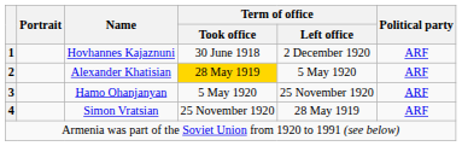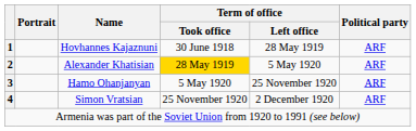 <table class="wikitable" style="text-align:center">
 <tr>
 <th rowspan="2"></th>
 <th rowspan="2">Portrait</th>
 <th rowspan="2">Name<br></th>
 <th colspan="2">Term of office</th>
 <th rowspan="2">Political party</th>
 </tr>
 <tr>
 <th>Took office</th>
 <th>Left office</th>
 </tr>
 <tr>
 <th style="background:">1</th>
 <td></td>
 <td><a href='#'>Hovhannes Kajaznuni</a><br></td>
 <td>30 June 1918</td>
-<td>2 December 1920</td>
+<td>28 May 1919</td>
 <td><a href='#'>ARF</a></td>
 </tr>
 <tr>
 <th style="background:">2</th>
 <td></td>
 <td><a href='#'>Alexander Khatisian</a><br></td>
 <td style="background: gold;">28 May 1919</td>
 <td>5 May 1920</td>
 <td><a href='#'>ARF</a></td>
 </tr>
 <tr>
 <th style="background:">3</th>
 <td></td>
 <td><a href='#'>Hamo Ohanjanyan</a><br></td>
 <td>5 May 1920</td>
 <td>25 November 1920</td>
 <td><a href='#'>ARF</a></td>
 </tr>
 <tr>
 <th style="background:">4</th>
 <td></td>
 <td><a href='#'>Simon Vratsian</a><br></td>
 <td>25 November 1920</td>
-<td>28 May 1919</td>
+<td>2 December 1920</td>
 <td><a href='#'>ARF</a></td>
 </tr>
 <tr>
 <td colspan=9>Armenia was part of the <a href='#'>Soviet Union</a> from 1920 to 1991 <em>(see below)</em></td>
 </tr>
 </table>
